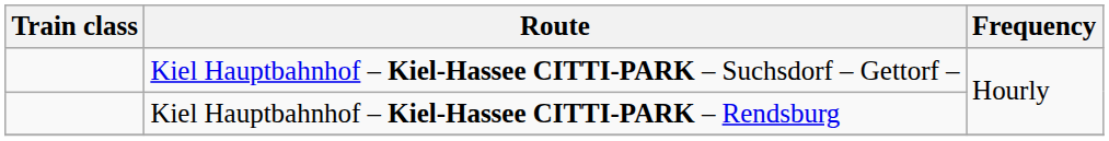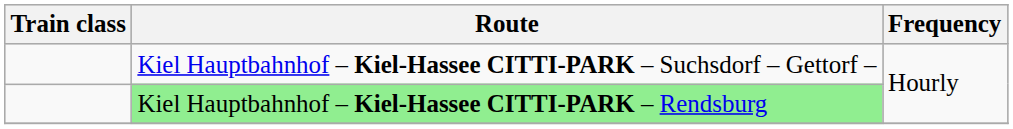 <table class="wikitable">
 <tr>
 <th>Train class</th>
 <th>Route</th>
 <th>Frequency</th>
 </tr>
 <tr>
 <td></td>
 <td><a href='#'>Kiel Hauptbahnhof</a> – <strong>Kiel-Hassee CITTI-PARK</strong> – Suchsdorf – Gettorf – </td>
 <td rowspan=2>Hourly</td>
 </tr>
 <tr>
 <td></td>
-<td>Kiel Hauptbahnhof – <strong>Kiel-Hassee CITTI-PARK</strong> –  <a href='#'>Rendsburg</a></td>
+<td style="background: lightgreen;">Kiel Hauptbahnhof – <strong>Kiel-Hassee CITTI-PARK</strong> –  <a href='#'>Rendsburg</a></td>
 </tr>
 <tr>
 </tr>
 </table>
